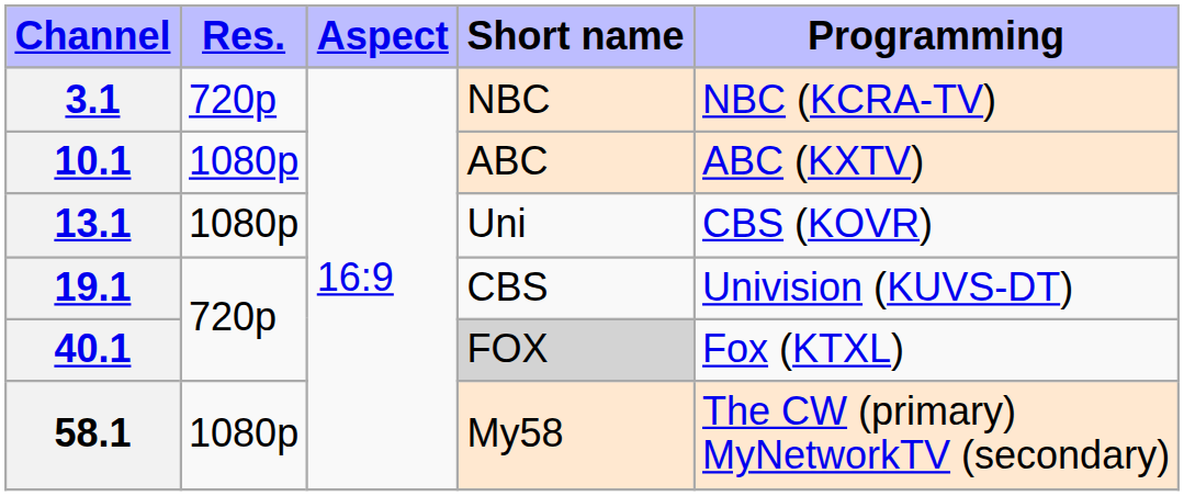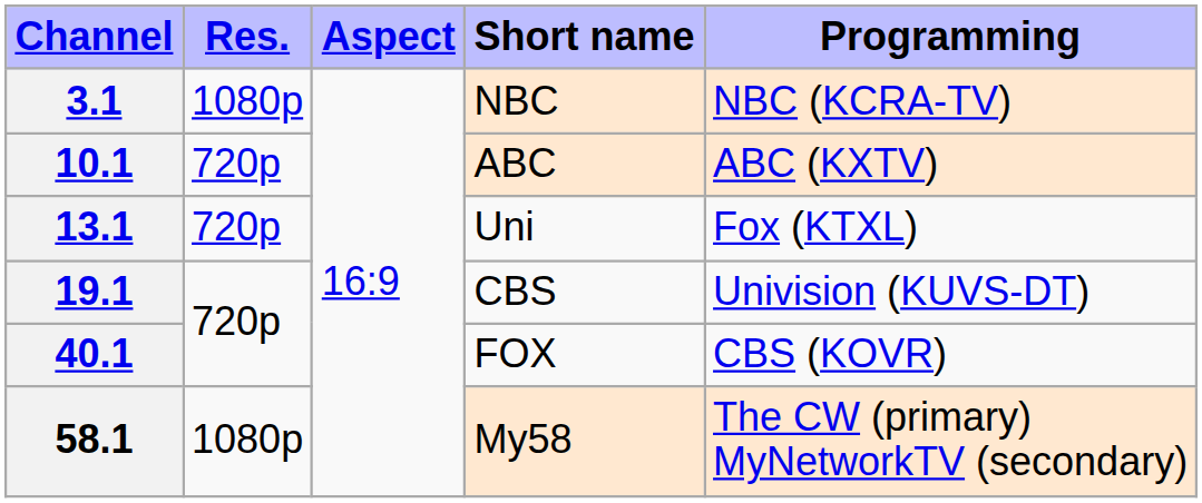 <table class="wikitable">
 <tr>
 <th style="background-color: #bdbdff" scope = "col"><a href='#'>Channel</a></th>
 <th style="background-color: #bdbdff" scope = "col"><a href='#'>Res.</a></th>
 <th style="background-color: #bdbdff" scope = "col"><a href='#'>Aspect</a></th>
 <th style="background-color: #bdbdff" scope = "col">Short name</th>
 <th style="background-color: #bdbdff" scope = "col">Programming</th>
 </tr>
 <tr>
 <th scope = "row"><a href='#'>3.1</a></th>
-<td><a href='#'>720p</a></td>
+<td><a href='#'>1080p</a></td>
 <td rowspan=6><a href='#'>16:9</a></td>
 <td style="background-color:#ffe8d0">NBC</td>
 <td style="background-color:#ffe8d0"><a href='#'>NBC</a> (<a href='#'>KCRA-TV</a>) </td>
 </tr>
 <tr>
 <th scope = "row"><a href='#'>10.1</a></th>
-<td><a href='#'>1080p</a></td>
+<td><a href='#'>720p</a></td>
 <td style="background-color:#ffe8d0">ABC</td>
 <td style="background-color:#ffe8d0"><a href='#'>ABC</a> (<a href='#'>KXTV</a>) </td>
 </tr>
 <tr>
 <th scope = "row"><a href='#'>13.1</a></th>
-<td>1080p</td>
+<td><a href='#'>720p</a></td>
 <td>Uni</td>
-<td><a href='#'>CBS</a> (<a href='#'>KOVR</a>)</td>
+<td><a href='#'>Fox</a> (<a href='#'>KTXL</a>)</td>
 </tr>
 <tr>
 <th scope = "row"><a href='#'>19.1</a></th>
 <td rowspan=2>720p</td>
 <td>CBS</td>
 <td><a href='#'>Univision</a> (<a href='#'>KUVS-DT</a>)</td>
 </tr>
 <tr>
 <th scope = "row"><a href='#'>40.1</a></th>
-<td style="background: lightgrey;">FOX</td>
-<td><a href='#'>Fox</a> (<a href='#'>KTXL</a>)</td>
+<td>FOX</td>
+<td><a href='#'>CBS</a> (<a href='#'>KOVR</a>)</td>
 </tr>
 <tr>
 <th scope = "row">58.1</th>
 <td>1080p</td>
 <td style="background-color:#ffe8d0">My58</td>
 <td style="background-color:#ffe8d0"><a href='#'>The CW</a> (primary)<br><a href='#'>MyNetworkTV</a> (secondary) </td>
 </tr>
 </table>
